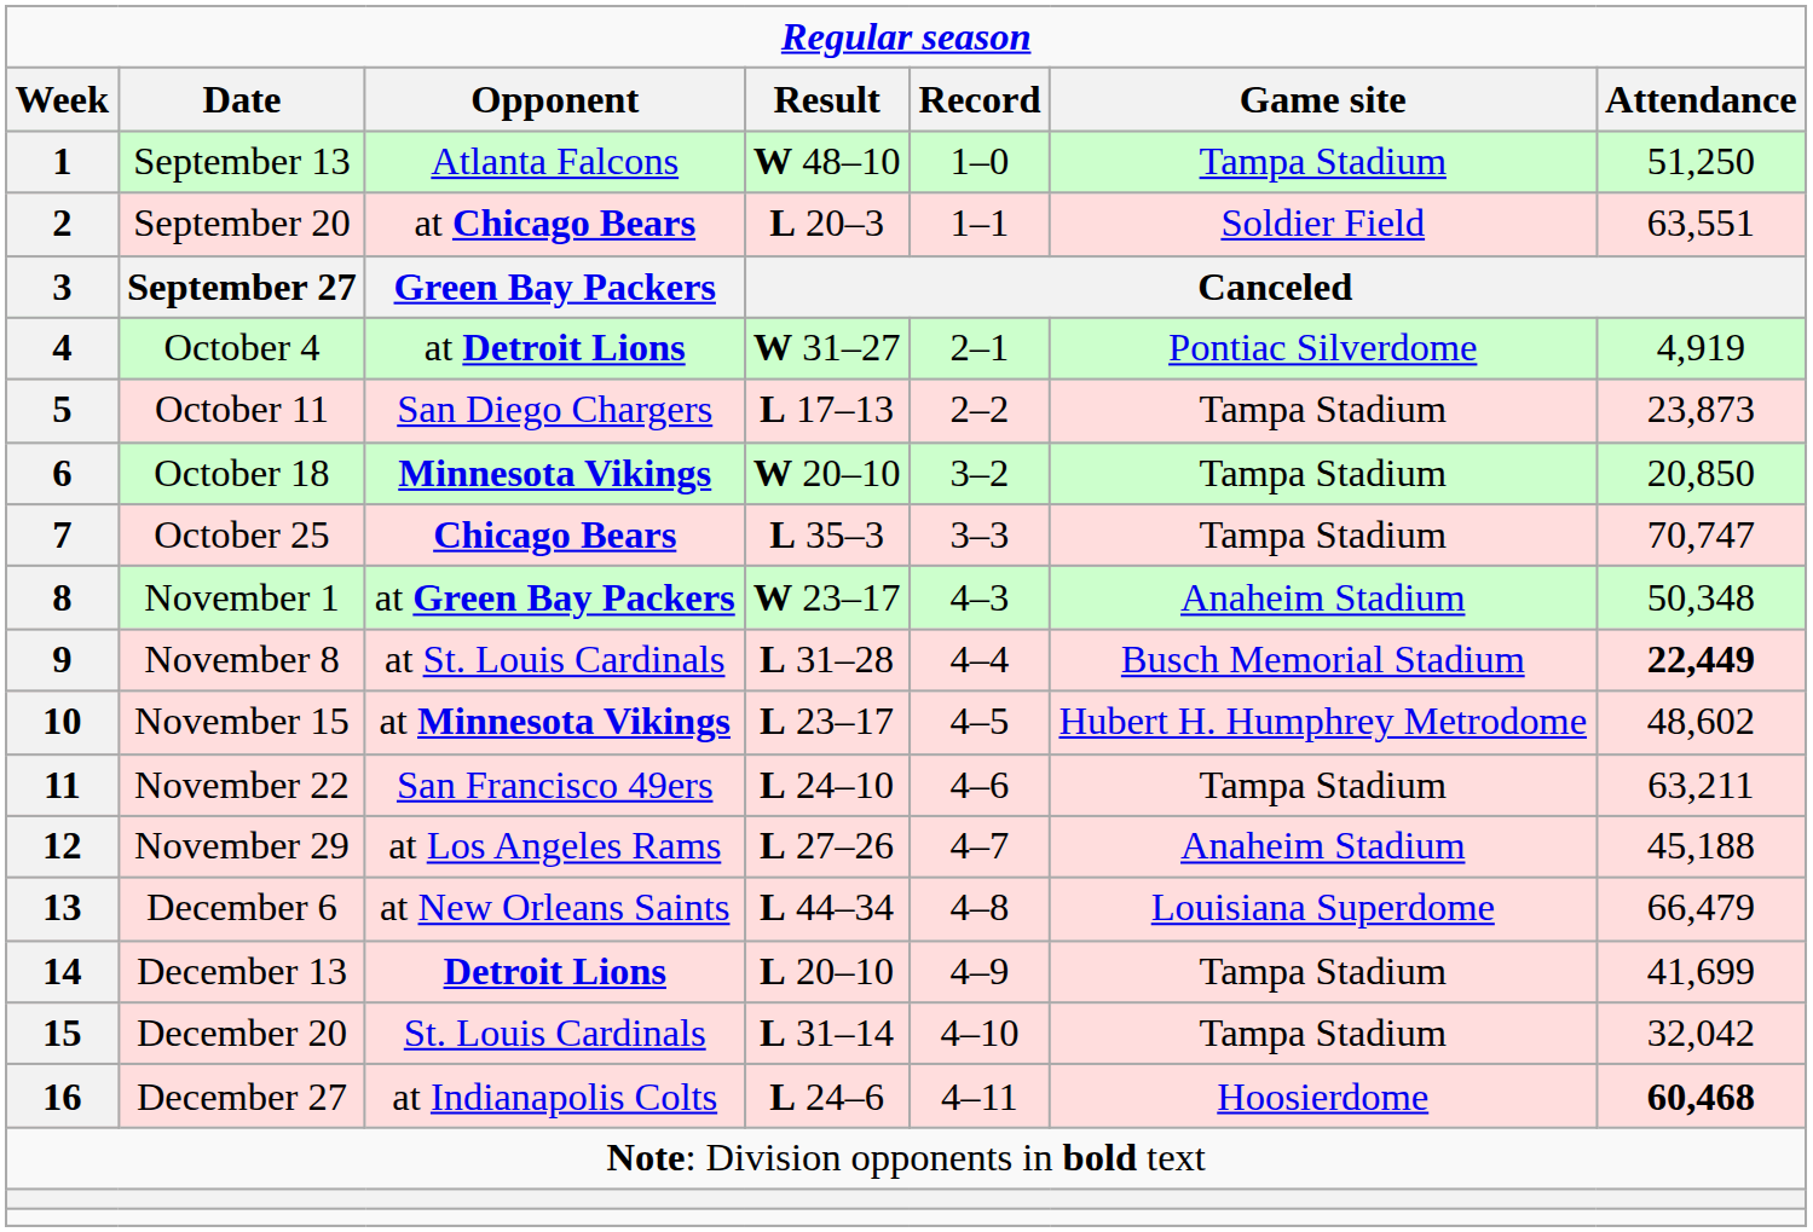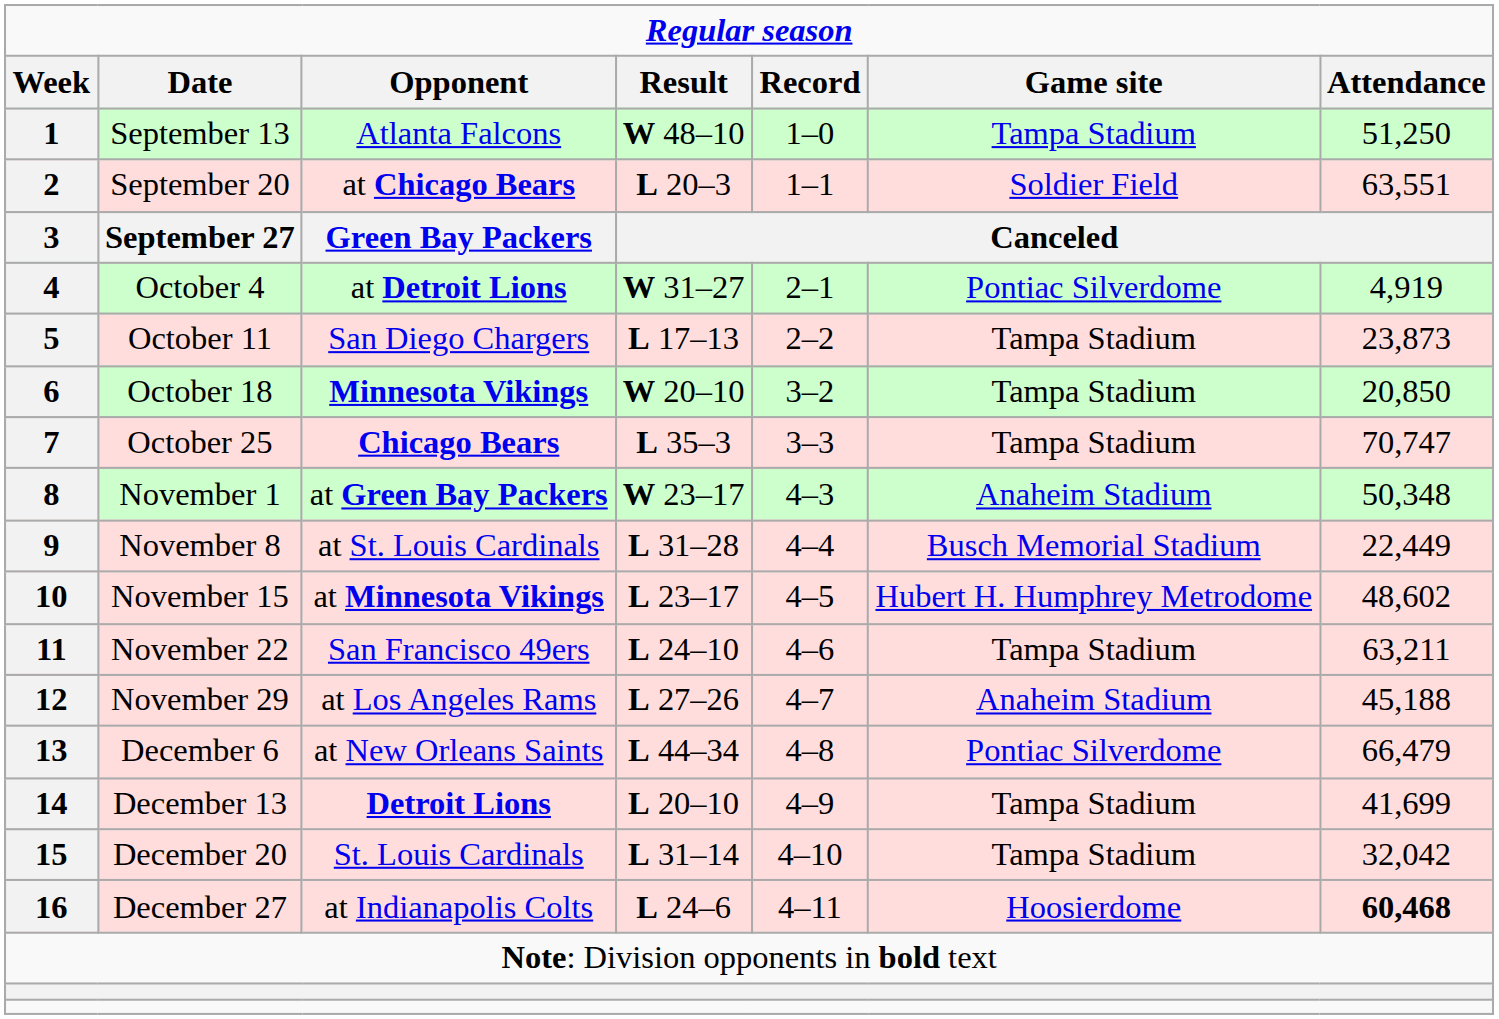 <table class="wikitable" style="text-align: center;">
 <tr>
 <td colspan="7"><strong><em><a href='#'>Regular season</a></em></strong></td>
 </tr>
 <tr>
 <th>Week</th>
 <th>Date</th>
 <th>Opponent</th>
 <th>Result</th>
 <th>Record</th>
 <th>Game site</th>
 <th>Attendance</th>
 </tr>
 <tr style="background:#cfc;">
 <th>1</th>
 <td>September 13</td>
 <td><a href='#'>Atlanta Falcons</a></td>
 <td><strong>W</strong> 48–10</td>
 <td>1–0</td>
 <td><a href='#'>Tampa Stadium</a></td>
 <td>51,250</td>
 </tr>
 <tr style="background:#fdd;">
 <th>2</th>
 <td>September 20</td>
 <td>at <strong><a href='#'>Chicago Bears</a></strong></td>
 <td><strong>L</strong> 20–3</td>
 <td>1–1</td>
 <td><a href='#'>Soldier Field</a></td>
 <td>63,551</td>
 </tr>
 <tr style ="text-align:center;">
 <th>3</th>
 <th>September 27</th>
 <th><strong><a href='#'>Green Bay Packers</a></strong></th>
 <th colspan="4"><strong>Canceled</strong></th>
 </tr>
 <tr style="background:#cfc;">
 <th>4</th>
 <td>October 4</td>
 <td>at <strong><a href='#'>Detroit Lions</a></strong></td>
 <td><strong>W</strong> 31–27</td>
 <td>2–1</td>
 <td><a href='#'>Pontiac Silverdome</a></td>
 <td>4,919</td>
 </tr>
 <tr style="background:#fdd;">
 <th>5</th>
 <td>October 11</td>
 <td><a href='#'>San Diego Chargers</a></td>
 <td><strong>L</strong> 17–13</td>
 <td>2–2</td>
 <td>Tampa Stadium</td>
 <td>23,873</td>
 </tr>
 <tr style="background:#cfc;">
 <th>6</th>
 <td>October 18</td>
 <td><strong><a href='#'>Minnesota Vikings</a></strong></td>
 <td><strong>W</strong> 20–10</td>
 <td>3–2</td>
 <td>Tampa Stadium</td>
 <td>20,850</td>
 </tr>
 <tr style="background:#fdd;">
 <th>7</th>
 <td>October 25</td>
 <td><strong><a href='#'>Chicago Bears</a></strong></td>
 <td><strong>L</strong> 35–3</td>
 <td>3–3</td>
 <td>Tampa Stadium</td>
 <td>70,747</td>
 </tr>
 <tr style="background:#cfc;">
 <th>8</th>
 <td>November 1</td>
 <td>at <strong><a href='#'>Green Bay Packers</a></strong></td>
 <td><strong>W</strong> 23–17</td>
 <td>4–3</td>
 <td><a href='#'>Anaheim Stadium</a></td>
 <td>50,348</td>
 </tr>
 <tr style="background:#fdd;">
 <th>9</th>
 <td>November 8</td>
 <td>at <a href='#'>St. Louis Cardinals</a></td>
 <td><strong>L</strong> 31–28</td>
 <td>4–4</td>
 <td><a href='#'>Busch Memorial Stadium</a></td>
-<td><strong>22,449</strong></td>
+<td>22,449</td>
 </tr>
 <tr style="background:#fdd;">
 <th>10</th>
 <td>November 15</td>
 <td>at <strong><a href='#'>Minnesota Vikings</a></strong></td>
 <td><strong>L</strong> 23–17</td>
 <td>4–5</td>
 <td><a href='#'>Hubert H. Humphrey Metrodome</a></td>
 <td>48,602</td>
 </tr>
 <tr style="background:#fdd;">
 <th>11</th>
 <td>November 22</td>
 <td><a href='#'>San Francisco 49ers</a></td>
 <td><strong>L</strong> 24–10</td>
 <td>4–6</td>
 <td>Tampa Stadium</td>
 <td>63,211</td>
 </tr>
 <tr style="background:#fdd;">
 <th>12</th>
 <td>November 29</td>
 <td>at <a href='#'>Los Angeles Rams</a></td>
 <td><strong>L</strong> 27–26</td>
 <td>4–7</td>
 <td><a href='#'>Anaheim Stadium</a></td>
 <td>45,188</td>
 </tr>
 <tr style="background:#fdd;">
 <th>13</th>
 <td>December 6</td>
 <td>at <a href='#'>New Orleans Saints</a></td>
 <td><strong>L</strong> 44–34</td>
 <td>4–8</td>
-<td><a href='#'>Louisiana Superdome</a></td>
+<td><a href='#'>Pontiac Silverdome</a></td>
 <td>66,479</td>
 </tr>
 <tr style="background:#fdd;">
 <th>14</th>
 <td>December 13</td>
 <td><strong><a href='#'>Detroit Lions</a></strong></td>
 <td><strong>L</strong> 20–10</td>
 <td>4–9</td>
 <td>Tampa Stadium</td>
 <td>41,699</td>
 </tr>
 <tr style="background:#fdd;">
 <th>15</th>
 <td>December 20</td>
 <td><a href='#'>St. Louis Cardinals</a></td>
 <td><strong>L</strong> 31–14</td>
 <td>4–10</td>
 <td>Tampa Stadium</td>
 <td>32,042</td>
 </tr>
 <tr style="background:#fdd;">
 <th>16</th>
 <td>December 27</td>
 <td>at <a href='#'>Indianapolis Colts</a></td>
 <td><strong>L</strong> 24–6</td>
 <td>4–11</td>
 <td><a href='#'>Hoosierdome</a></td>
 <td><strong>60,468</strong></td>
 </tr>
 <tr>
 <td colspan="7"><strong>Note</strong>: Division opponents in <strong>bold</strong> text</td>
 </tr>
 <tr>
 <th colspan="7"></th>
 </tr>
 <tr -  style="text-align:left;">
 <td colspan="7"></td>
 </tr>
 </table>
